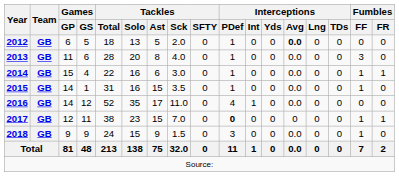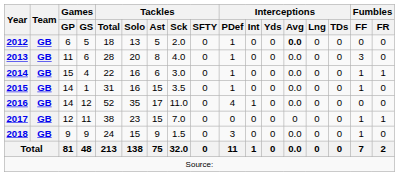 <table class="wikitable" style="text-align: center;">
 <tr>
 <th rowspan=2>Year</th>
 <th rowspan=2>Team</th>
 <th colspan=2>Games</th>
 <th colspan=5>Tackles</th>
 <th colspan=6>Interceptions</th>
 <th colspan=2>Fumbles</th>
 </tr>
 <tr>
 <th>GP</th>
 <th>GS</th>
 <th>Total</th>
 <th>Solo</th>
 <th>Ast</th>
 <th>Sck</th>
 <th>SFTY</th>
 <th>PDef</th>
 <th>Int</th>
 <th>Yds</th>
 <th>Avg</th>
 <th>Lng</th>
 <th>TDs</th>
 <th>FF</th>
 <th>FR</th>
 </tr>
 <tr>
 <th><a href='#'>2012</a></th>
 <th><a href='#'>GB</a></th>
 <td>6</td>
 <td>5</td>
 <td>18</td>
 <td>13</td>
 <td>5</td>
 <td>2.0</td>
 <td>0</td>
 <td>1</td>
 <td>0</td>
 <td>0</td>
 <td><strong>0.0</strong></td>
 <td>0</td>
 <td>0</td>
 <td>0</td>
 <td>0</td>
 </tr>
 <tr>
 <th><a href='#'>2013</a></th>
 <th><a href='#'>GB</a></th>
 <td>11</td>
 <td>6</td>
 <td>28</td>
 <td>20</td>
 <td>8</td>
 <td>4.0</td>
 <td>0</td>
 <td>1</td>
 <td>0</td>
 <td>0</td>
 <td>0.0</td>
 <td>0</td>
 <td>0</td>
 <td>3</td>
 <td>0</td>
 </tr>
 <tr>
 <th><a href='#'>2014</a></th>
 <th><a href='#'>GB</a></th>
 <td>15</td>
 <td>4</td>
 <td>22</td>
 <td>16</td>
 <td>6</td>
 <td>3.0</td>
 <td>0</td>
 <td>1</td>
 <td>0</td>
 <td>0</td>
 <td>0.0</td>
 <td>0</td>
 <td>0</td>
 <td>1</td>
 <td>1</td>
 </tr>
 <tr>
 <th><a href='#'>2015</a></th>
 <th><a href='#'>GB</a></th>
 <td>14</td>
 <td>1</td>
 <td>31</td>
 <td>16</td>
 <td>15</td>
 <td>3.5</td>
 <td>0</td>
 <td>1</td>
 <td>0</td>
 <td>0</td>
 <td>0.0</td>
 <td>0</td>
 <td>0</td>
 <td>1</td>
 <td>0</td>
 </tr>
 <tr>
 <th><a href='#'>2016</a></th>
 <th><a href='#'>GB</a></th>
 <td>14</td>
 <td>12</td>
 <td>52</td>
 <td>35</td>
 <td>17</td>
 <td>11.0</td>
 <td>0</td>
 <td>4</td>
 <td>1</td>
 <td>0</td>
 <td>0.0</td>
 <td>0</td>
 <td>0</td>
 <td>0</td>
 <td>0</td>
 </tr>
 <tr>
 <th><a href='#'>2017</a></th>
 <th><a href='#'>GB</a></th>
 <td>12</td>
 <td>11</td>
 <td>38</td>
 <td>23</td>
 <td>15</td>
 <td>7.0</td>
 <td>0</td>
-<td><strong>0</strong></td>
+<td>0</td>
 <td>0</td>
 <td>0</td>
 <td>0</td>
 <td>0</td>
 <td>0</td>
 <td>1</td>
 <td>1</td>
 </tr>
 <tr>
 <th><a href='#'>2018</a></th>
 <th><a href='#'>GB</a></th>
 <td>9</td>
 <td>9</td>
 <td>24</td>
 <td>15</td>
 <td>9</td>
 <td>1.5</td>
 <td>0</td>
 <td>3</td>
 <td>0</td>
 <td>0</td>
 <td>0.0</td>
 <td>0</td>
 <td>0</td>
 <td>1</td>
 <td>0</td>
 </tr>
 <tr>
 <th colspan=2>Total</th>
 <th>81</th>
 <th>48</th>
 <th>213</th>
 <th>138</th>
 <th>75</th>
 <th>32.0</th>
 <th>0</th>
 <th>11</th>
 <th>1</th>
 <th>0</th>
 <th>0.0</th>
 <th>0</th>
 <th>0</th>
 <th>7</th>
 <th>2</th>
 </tr>
 <tr>
 <td colspan="17"><small>Source: </small></td>
 </tr>
 </table>
